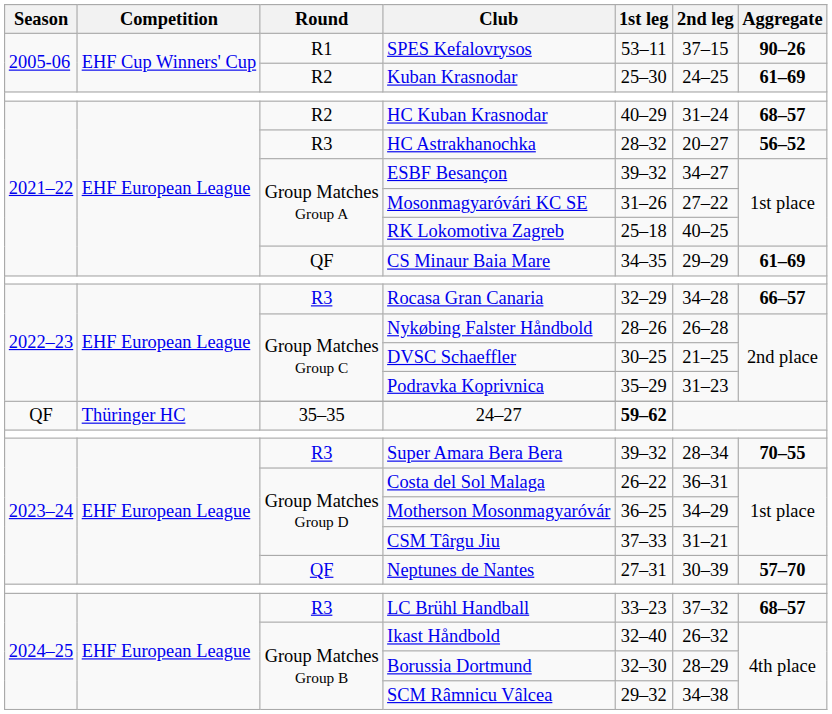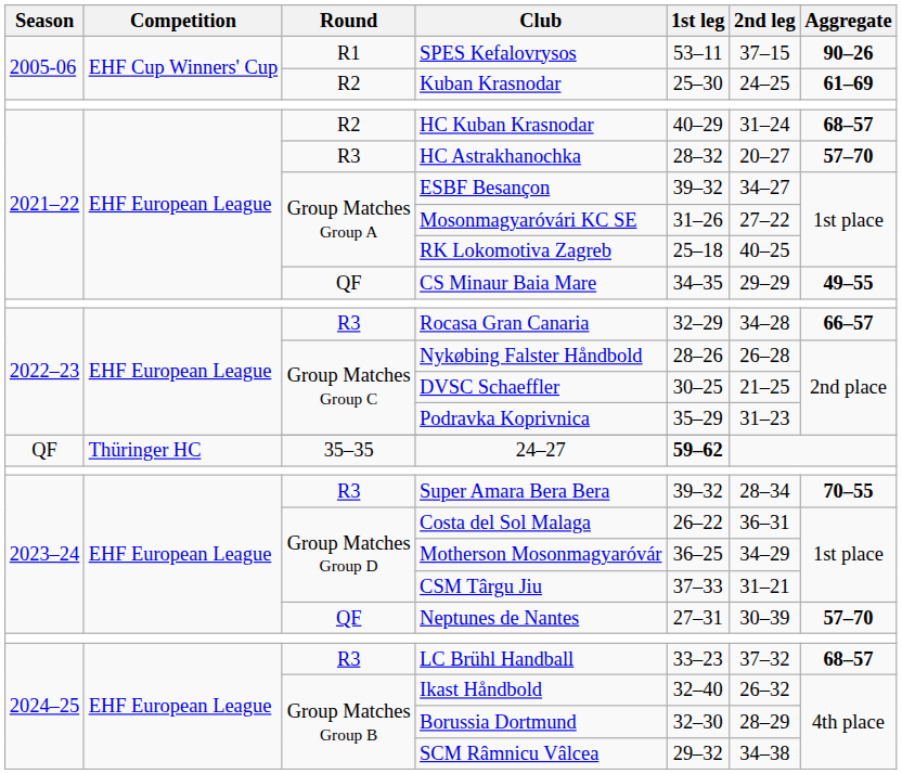 <table class="wikitable">
 <tr>
 <th>Season</th>
 <th>Competition</th>
 <th>Round</th>
 <th>Club</th>
 <th>1st leg</th>
 <th>2nd leg</th>
 <th>Aggregate</th>
 </tr>
 <tr>
 <td rowspan="2"><a href='#'>2005-06</a></td>
 <td rowspan="2"><a href='#'>EHF Cup Winners' Cup</a></td>
 <td style="text-align:center;">R1</td>
 <td> <a href='#'>SPES Kefalovrysos</a></td>
 <td style="text-align:center;">53–11</td>
 <td style="text-align:center;">37–15</td>
 <td style="text-align:center;"><strong>90–26</strong></td>
 </tr>
 <tr>
 <td style="text-align:center;">R2</td>
 <td> <a href='#'>Kuban Krasnodar</a></td>
 <td style="text-align:center;">25–30</td>
 <td style="text-align:center;">24–25</td>
 <td style="text-align:center;"><strong> 61–69 </strong></td>
 </tr>
 <tr>
 <td colspan=7 style="text-align: center;" bgcolor=white></td>
 </tr>
 <tr>
 <td rowspan="6"><a href='#'>2021–22</a></td>
 <td rowspan="6"><a href='#'>EHF European League</a></td>
 <td style="text-align:center;">R2</td>
 <td> <a href='#'>HC Kuban Krasnodar</a></td>
 <td style="text-align:center;">40–29</td>
 <td style="text-align:center;">31–24</td>
 <td style="text-align:center;"><strong>68–57</strong></td>
 </tr>
 <tr>
 <td style="text-align:center;">R3</td>
 <td> <a href='#'>HC Astrakhanochka</a></td>
 <td style="text-align:center;">28–32</td>
 <td style="text-align:center;">20–27</td>
-<td style="text-align:center;"><strong>56–52</strong></td>
+<td style="text-align:center;"><strong>57–70</strong></td>
 </tr>
 <tr>
 <td rowspan="3" style="text-align:center;">Group Matches <br> <small>Group A</small></td>
 <td> <a href='#'>ESBF Besançon</a></td>
 <td style="text-align:center;">39–32</td>
 <td style="text-align:center;">34–27</td>
 <td style="text-align:center;" rowspan=3>1st place</td>
 </tr>
 <tr>
 <td> <a href='#'>Mosonmagyaróvári KC SE</a></td>
 <td style="text-align:center;">31–26</td>
 <td style="text-align:center;">27–22</td>
 </tr>
 <tr>
 <td> <a href='#'>RK Lokomotiva Zagreb</a></td>
 <td style="text-align:center;">25–18</td>
 <td style="text-align:center;">40–25</td>
 </tr>
 <tr>
 <td style="text-align:center;">QF</td>
 <td> <a href='#'>CS Minaur Baia Mare</a></td>
 <td style="text-align:center;">34–35</td>
 <td style="text-align:center;">29–29</td>
-<td style="text-align:center;"><strong> 61–69 </strong></td>
+<td style="text-align:center;"><strong>49–55</strong></td>
 </tr>
 <tr>
 <td colspan=7 style="text-align: center;" bgcolor=white></td>
 </tr>
 <tr>
 <td rowspan="5"><a href='#'>2022–23</a></td>
 <td rowspan="5"><a href='#'>EHF European League</a></td>
 <td style="text-align:center;"><a href='#'>R3</a></td>
 <td> <a href='#'>Rocasa Gran Canaria</a></td>
 <td style="text-align:center;">32–29</td>
 <td style="text-align:center;">34–28</td>
 <td style="text-align:center;"><strong>66–57</strong></td>
 </tr>
 <tr>
 <td rowspan="3" style="text-align:center;">Group Matches <br> <small>Group C</small></td>
 <td> <a href='#'>Nykøbing Falster Håndbold</a></td>
 <td style="text-align:center;">28–26</td>
 <td style="text-align:center;">26–28</td>
 <td style="text-align:center;" rowspan=3>2nd place</td>
 </tr>
 <tr>
 <td> <a href='#'>DVSC Schaeffler</a></td>
 <td style="text-align:center;">30–25</td>
 <td style="text-align:center;">21–25</td>
 </tr>
 <tr>
 <td> <a href='#'>Podravka Koprivnica</a></td>
 <td style="text-align:center;">35–29</td>
 <td style="text-align:center;">31–23</td>
 </tr>
 <tr>
 </tr>
 <tr>
 <td style="text-align:center;">QF</td>
 <td> <a href='#'>Thüringer HC</a></td>
 <td style="text-align:center;">35–35</td>
 <td style="text-align:center;">24–27</td>
 <td style="text-align:center;"><strong>59–62</strong></td>
 </tr>
 <tr>
 <td colspan=7 style="text-align: center;" bgcolor=white></td>
 </tr>
 <tr>
 <td rowspan="5"><a href='#'>2023–24</a></td>
 <td rowspan="5"><a href='#'>EHF European League</a></td>
 <td style="text-align:center;"><a href='#'>R3</a></td>
 <td> <a href='#'>Super Amara Bera Bera</a></td>
 <td style="text-align:center;">39–32</td>
 <td style="text-align:center;">28–34</td>
 <td style="text-align:center;"><strong>70–55</strong></td>
 </tr>
 <tr>
 <td rowspan="3" style="text-align:center;">Group Matches <br> <small>Group D</small></td>
 <td> <a href='#'>Costa del Sol Malaga</a></td>
 <td style="text-align:center;">26–22</td>
 <td style="text-align:center;">36–31</td>
 <td style="text-align:center;" rowspan=3>1st place</td>
 </tr>
 <tr>
 <td> <a href='#'>Motherson Mosonmagyaróvár</a></td>
 <td style="text-align:center;">36–25</td>
 <td style="text-align:center;">34–29</td>
 </tr>
 <tr>
 <td> <a href='#'>CSM Târgu Jiu</a></td>
 <td style="text-align:center;">37–33</td>
 <td style="text-align:center;">31–21</td>
 </tr>
 <tr>
 <td style="text-align:center;"><a href='#'>QF</a></td>
 <td> <a href='#'>Neptunes de Nantes</a></td>
 <td style="text-align:center;">27–31</td>
 <td style="text-align:center;">30–39</td>
 <td style="text-align:center;"><strong>57–70</strong></td>
 </tr>
 <tr>
 <td colspan=7 style="text-align: center;" bgcolor=white></td>
 </tr>
 <tr>
 <td rowspan="4"><a href='#'>2024–25</a></td>
 <td rowspan="4"><a href='#'>EHF European League</a></td>
 <td style="text-align:center;"><a href='#'>R3</a></td>
 <td> <a href='#'>LC Brühl Handball</a></td>
 <td style="text-align:center;">33–23</td>
 <td style="text-align:center;">37–32</td>
 <td style="text-align:center;"><strong>68–57</strong></td>
 </tr>
 <tr>
 <td rowspan="3" style="text-align:center;">Group Matches <br> <small>Group B</small></td>
 <td> <a href='#'>Ikast Håndbold</a></td>
 <td style="text-align:center;">32–40</td>
 <td style="text-align:center;">26–32</td>
 <td style="text-align:center;" rowspan=3>4th place</td>
 </tr>
 <tr>
 <td> <a href='#'>Borussia Dortmund</a></td>
 <td style="text-align:center;">32–30</td>
 <td style="text-align:center;">28–29</td>
 </tr>
 <tr>
 <td> <a href='#'>SCM Râmnicu Vâlcea</a></td>
 <td style="text-align:center;">29–32</td>
 <td style="text-align:center;">34–38</td>
 </tr>
 </table>
